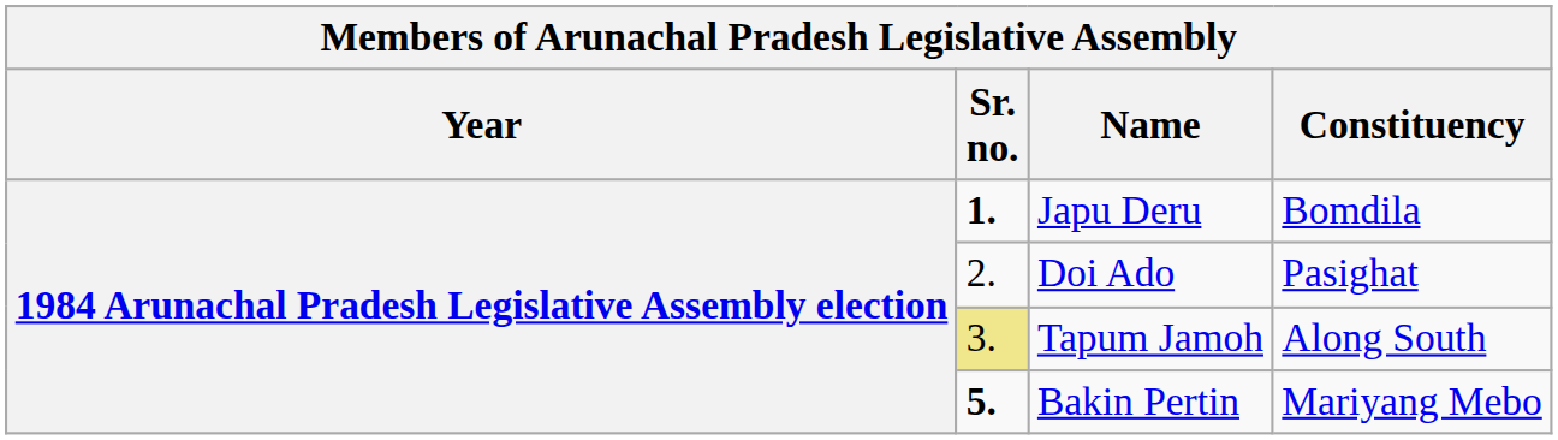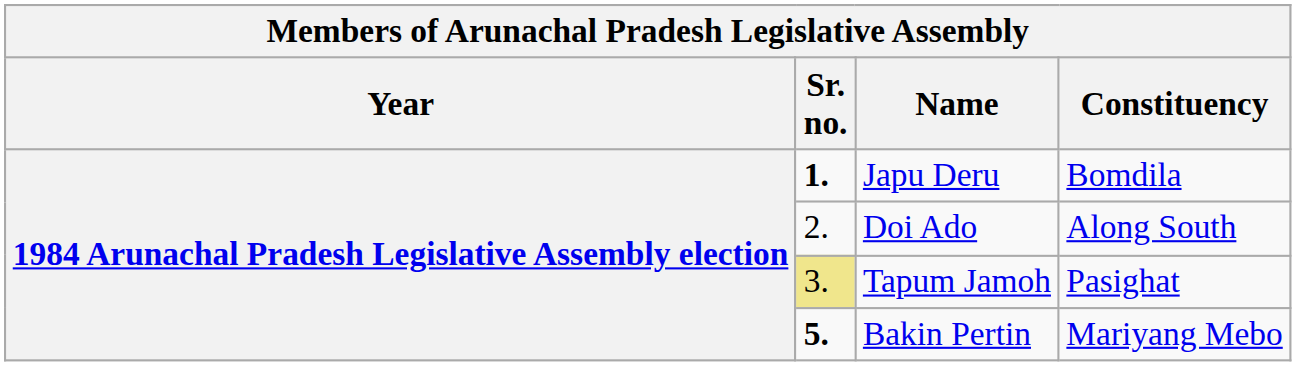 <table class="wikitable sortable">
 <tr>
 <th colspan="4">Members of Arunachal Pradesh Legislative Assembly</th>
 </tr>
 <tr>
 <th>Year</th>
 <th>Sr.<br>no.</th>
 <th>Name</th>
 <th>Constituency</th>
 </tr>
 <tr>
 <th rowspan="4"><a href='#'>1984 Arunachal Pradesh Legislative Assembly election</a></th>
 <td><strong>1.</strong></td>
 <td><a href='#'>Japu Deru</a></td>
 <td><a href='#'>Bomdila</a></td>
 </tr>
 <tr>
 <td>2.</td>
 <td><a href='#'>Doi Ado</a></td>
-<td><a href='#'>Pasighat</a></td>
+<td><a href='#'>Along South</a></td>
 </tr>
 <tr>
 <td style="background: khaki;">3.</td>
 <td><a href='#'>Tapum Jamoh</a></td>
-<td><a href='#'>Along South</a></td>
+<td><a href='#'>Pasighat</a></td>
 </tr>
 <tr>
 <td><strong>5.</strong></td>
 <td><a href='#'>Bakin Pertin</a></td>
 <td><a href='#'>Mariyang Mebo</a></td>
 </tr>
 </table>
